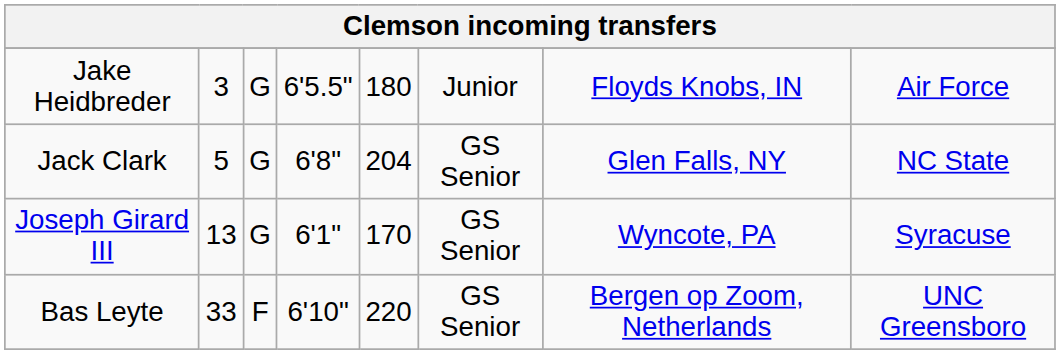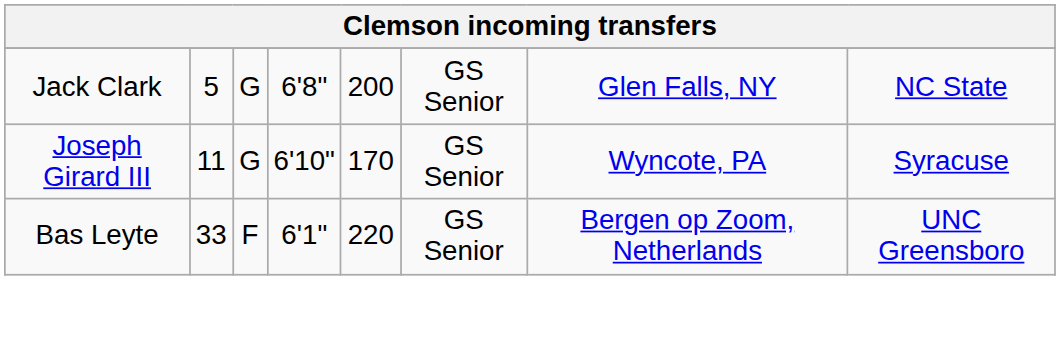 <table class="wikitable sortable" border="1" style="text-align: center;">
 <tr>
 <th colspan=8>Clemson incoming transfers</th>
 </tr>
 <tr align=center>
 </tr>
 <tr>
-<td>Jake Heidbreder</td>
-<td>3</td>
-<td>G</td>
-<td>6'5.5"</td>
-<td>180</td>
-<td>Junior</td>
-<td><a href='#'>Floyds Knobs, IN</a></td>
-<td><a href='#'>Air Force</a></td>
-</tr>
-<tr>
 <td>Jack Clark</td>
 <td>5</td>
 <td>G</td>
 <td>6'8"</td>
-<td>204</td>
+<td>200</td>
 <td>GS Senior</td>
 <td><a href='#'>Glen Falls, NY</a></td>
 <td><a href='#'>NC State</a></td>
 </tr>
 <tr>
 <td><a href='#'>Joseph Girard III</a></td>
-<td>13</td>
+<td>11</td>
 <td>G</td>
-<td>6'1"</td>
+<td>6'10"</td>
 <td>170</td>
 <td>GS Senior</td>
 <td><a href='#'>Wyncote, PA</a></td>
 <td><a href='#'>Syracuse</a></td>
 </tr>
 <tr>
 <td>Bas Leyte</td>
 <td>33</td>
 <td>F</td>
-<td>6'10"</td>
+<td>6'1"</td>
 <td>220</td>
 <td>GS Senior</td>
 <td><a href='#'>Bergen op Zoom, Netherlands</a></td>
 <td><a href='#'>UNC Greensboro</a></td>
 </tr>
 </table>
